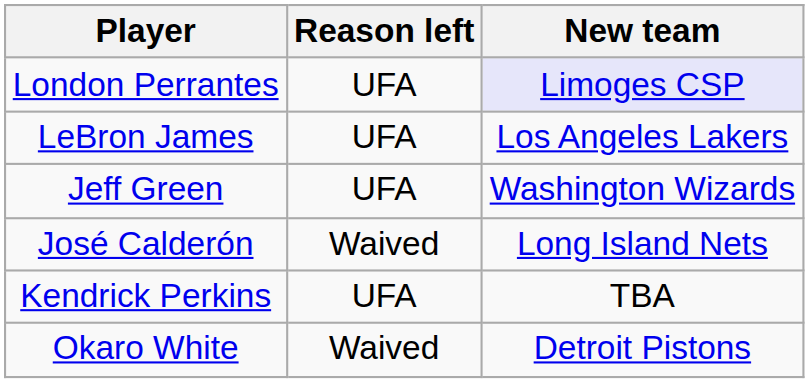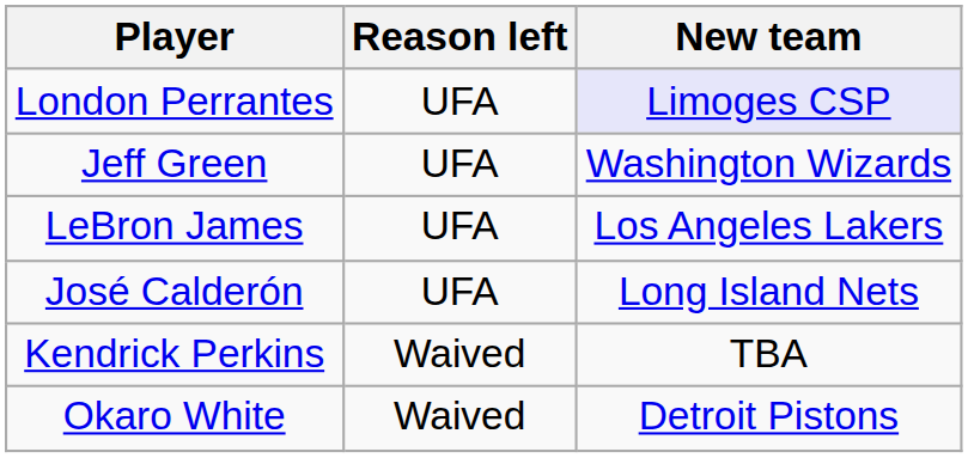 <table class="wikitable sortable sortable" style="text-align: center">
 <tr>
 <th>Player</th>
 <th>Reason left</th>
 <th>New team</th>
 </tr>
 <tr>
 <td><a href='#'>London Perrantes</a></td>
 <td>UFA</td>
 <td style="background: lavender;"> <a href='#'>Limoges CSP</a></td>
 </tr>
 <tr>
+<td><a href='#'>Jeff Green</a></td>
+<td>UFA</td>
+<td><a href='#'>Washington Wizards</a></td>
+</tr>
+<tr>
 <td><a href='#'>LeBron James</a></td>
 <td>UFA</td>
 <td><a href='#'>Los Angeles Lakers</a></td>
 </tr>
 <tr>
-<td><a href='#'>Jeff Green</a></td>
+<td><a href='#'>José Calderón</a></td>
 <td>UFA</td>
-<td><a href='#'>Washington Wizards</a></td>
-</tr>
-<tr>
-<td><a href='#'>José Calderón</a></td>
-<td>Waived</td>
 <td><a href='#'>Long Island Nets</a></td>
 </tr>
 <tr>
 <td><a href='#'>Kendrick Perkins</a></td>
-<td>UFA</td>
+<td>Waived</td>
 <td>TBA</td>
 </tr>
 <tr>
 <td><a href='#'>Okaro White</a></td>
 <td>Waived</td>
 <td><a href='#'>Detroit Pistons</a></td>
 </tr>
 </table>
